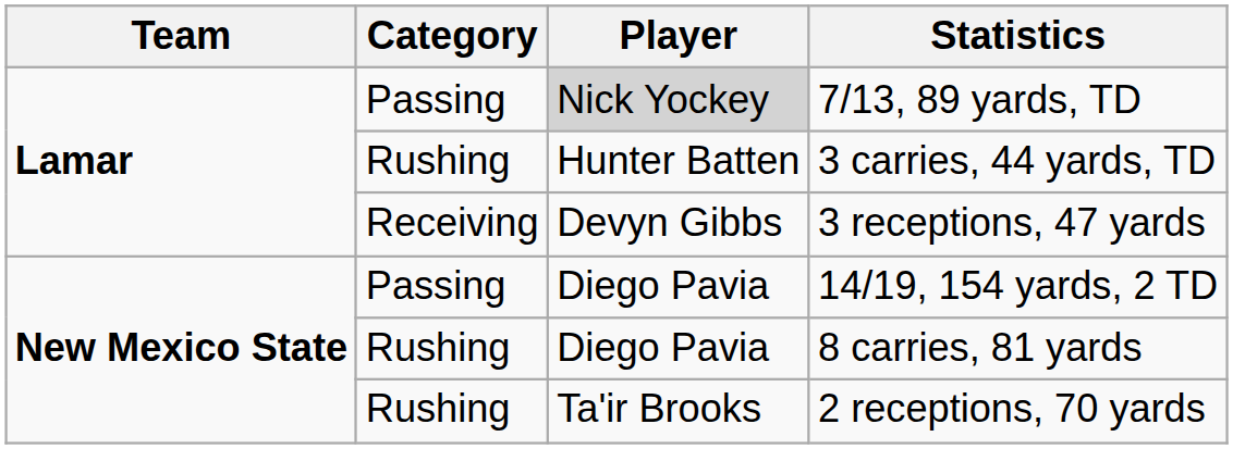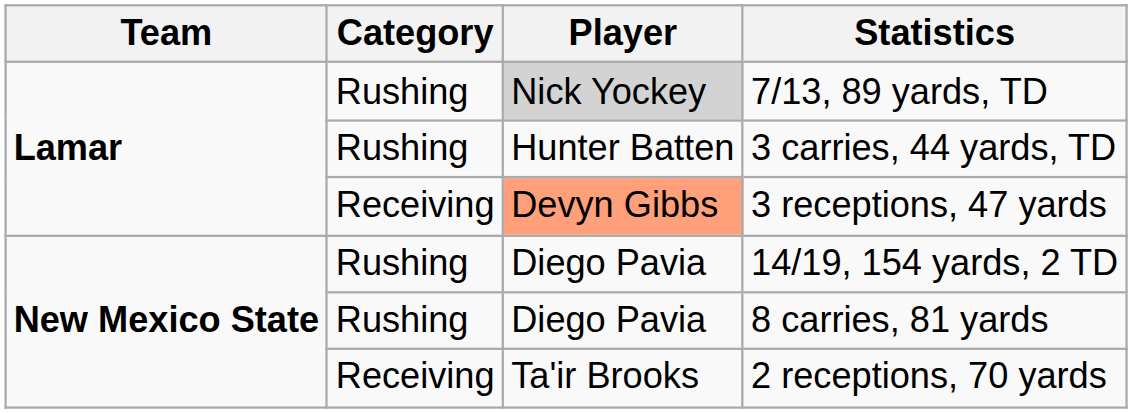 <table class="wikitable" style="float: right;">
 <tr>
 <th>Team</th>
 <th>Category</th>
 <th>Player</th>
 <th>Statistics</th>
 </tr>
 <tr>
 <td rowspan=3><strong>Lamar</strong></td>
-<td>Passing</td>
+<td>Rushing</td>
 <td style="background: lightgrey;">Nick Yockey</td>
 <td>7/13, 89 yards, TD</td>
 </tr>
 <tr>
 <td>Rushing</td>
 <td>Hunter Batten</td>
 <td>3 carries, 44 yards, TD</td>
 </tr>
 <tr>
 <td>Receiving</td>
-<td>Devyn Gibbs</td>
+<td style="background: lightsalmon;">Devyn Gibbs</td>
 <td>3 receptions, 47 yards</td>
 </tr>
 <tr>
 <td rowspan=3><strong>New Mexico State</strong></td>
-<td>Passing</td>
+<td>Rushing</td>
 <td>Diego Pavia</td>
 <td>14/19, 154 yards, 2 TD</td>
 </tr>
 <tr>
 <td>Rushing</td>
 <td>Diego Pavia</td>
 <td>8 carries, 81 yards</td>
 </tr>
 <tr>
-<td>Rushing</td>
+<td>Receiving</td>
 <td>Ta'ir Brooks</td>
 <td>2 receptions, 70 yards</td>
 </tr>
 </table>
